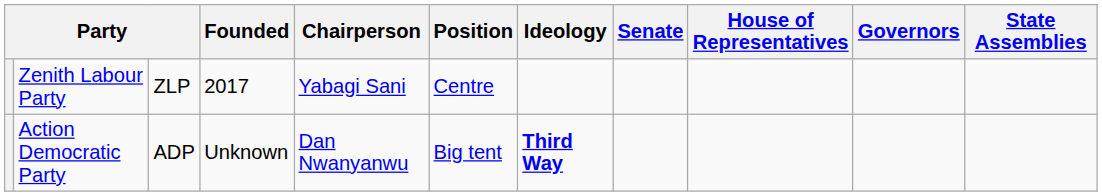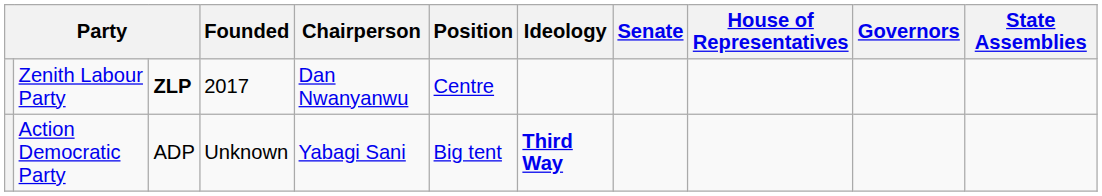 <table class="wikitable">
 <tr>
 <th colspan="3" scope="col" class="unsortable" style="width:20px; text-align:center;">Party</th>
 <th>Founded</th>
 <th>Chairperson</th>
 <th>Position</th>
 <th>Ideology</th>
 <th><a href='#'>Senate</a></th>
 <th><a href='#'>House of<br>Representatives</a></th>
 <th><a href='#'>Governors</a></th>
 <th><a href='#'>State Assemblies</a></th>
 </tr>
 <tr>
 <th style="background-color: "></th>
 <td><a href='#'>Zenith Labour Party</a></td>
-<td>ZLP</td>
+<td><strong>ZLP</strong></td>
 <td>2017</td>
-<td><a href='#'>Yabagi Sani</a></td>
+<td><a href='#'>Dan Nwanyanwu</a></td>
 <td><a href='#'>Centre</a></td>
 <td></td>
 <td></td>
 <td></td>
 <td></td>
 <td></td>
 </tr>
 <tr>
 <th style="background-color: "></th>
 <td><a href='#'>Action Democratic Party</a></td>
 <td>ADP</td>
 <td>Unknown</td>
-<td><a href='#'>Dan Nwanyanwu</a></td>
+<td><a href='#'>Yabagi Sani</a></td>
 <td><a href='#'>Big tent</a></td>
 <td><strong><a href='#'>Third Way</a></strong></td>
 <td></td>
 <td></td>
 <td></td>
 <td></td>
 </tr>
 </table>
